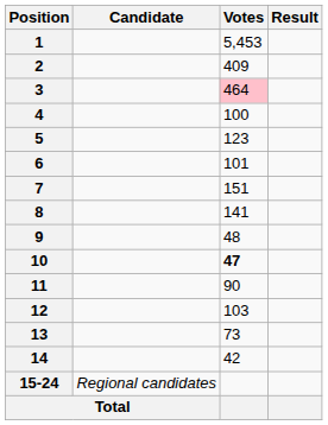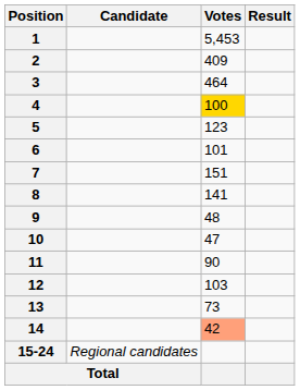 <table class="wikitable sortable col3right">
 <tr>
 <th scope="col">Position</th>
 <th scope="col">Candidate</th>
 <th scope="col">Votes</th>
 <th scope="col">Result</th>
 </tr>
 <tr>
 <th scope="row">1</th>
 <td></td>
 <td>5,453</td>
 <td></td>
 </tr>
 <tr>
 <th scope="row">2</th>
 <td></td>
 <td>409</td>
 <td></td>
 </tr>
 <tr>
 <th scope="row">3</th>
 <td></td>
-<td style="background: pink;">464</td>
+<td>464</td>
 <td></td>
 </tr>
 <tr>
 <th scope="row">4</th>
 <td></td>
-<td>100</td>
+<td style="background: gold;">100</td>
 <td></td>
 </tr>
 <tr>
 <th scope="row">5</th>
 <td></td>
 <td>123</td>
 <td></td>
 </tr>
 <tr>
 <th scope="row">6</th>
 <td></td>
 <td>101</td>
 <td></td>
 </tr>
 <tr>
 <th scope="row">7</th>
 <td></td>
 <td>151</td>
 <td></td>
 </tr>
 <tr>
 <th scope="row">8</th>
 <td></td>
 <td>141</td>
 <td></td>
 </tr>
 <tr>
 <th scope="row">9</th>
 <td></td>
 <td>48</td>
 <td></td>
 </tr>
 <tr>
 <th scope="row">10</th>
 <td></td>
-<td><strong>47</strong></td>
+<td>47</td>
 <td></td>
 </tr>
 <tr>
 <th scope="row">11</th>
 <td></td>
 <td>90</td>
 <td></td>
 </tr>
 <tr>
 <th scope="row">12</th>
 <td></td>
 <td>103</td>
 <td></td>
 </tr>
 <tr>
 <th scope="row">13</th>
 <td></td>
 <td>73</td>
 <td></td>
 </tr>
 <tr>
 <th scope="row">14</th>
 <td></td>
-<td>42</td>
+<td style="background: lightsalmon;">42</td>
 <td></td>
 </tr>
 <tr>
 <th scope="row">15-24</th>
 <td><em>Regional candidates</em></td>
 <td></td>
 <td></td>
 </tr>
 <tr class="sortbottom">
 <th scope="row" colspan="2">Total</th>
 <th></th>
 <th></th>
 </tr>
 </table>
